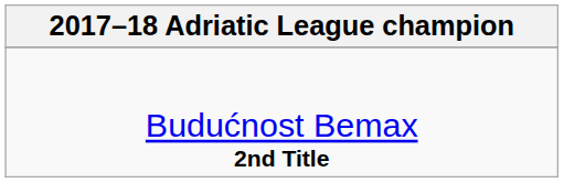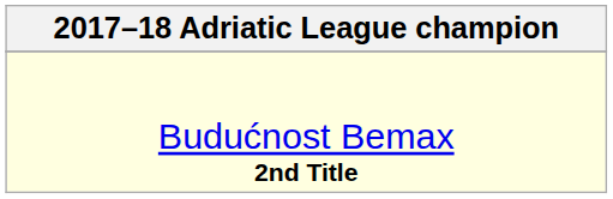 <table class="wikitable" style="margin: 0 auto; width: 30%;">
 <tr>
 <th><big>2017–18 Adriatic League champion</big><br></th>
 </tr>
 <tr>
 </tr>
 <tr>
-<td align=center><br><br><big><big><a href='#'>Budućnost Bemax</a><br></big></big><strong>2nd Title</strong></td>
+<td align=center style="background: lightyellow;"><br><br><big><big><a href='#'>Budućnost Bemax</a><br></big></big><strong>2nd Title</strong></td>
 </tr>
 </table>
